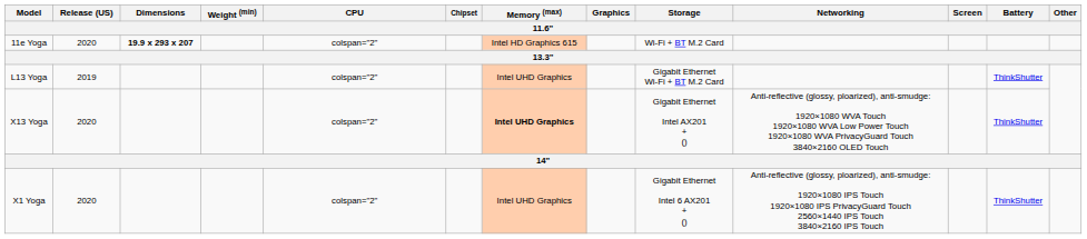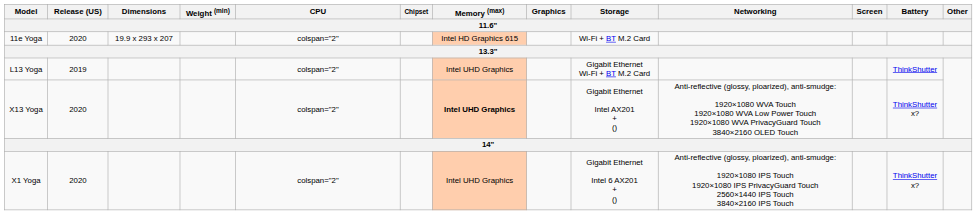 <table class="wikitable" style="font-size: 80%; text-align: center; min-width: 80%;">
 <tr>
 <th>Model</th>
 <th>Release (US)</th>
 <th>Dimensions</th>
 <th>Weight <sup>(min)</sup></th>
 <th style="width:17%">CPU</th>
 <th><small>Chipset</small></th>
 <th>Memory <sup>(max)</sup></th>
 <th>Graphics</th>
 <th>Storage</th>
 <th>Networking</th>
 <th>Screen</th>
 <th>Battery</th>
 <th>Other</th>
 </tr>
 <tr>
 <th colspan=13>11.6"</th>
 </tr>
 <tr>
 <td>11e Yoga </td>
 <td>2020</td>
-<td><strong>19.9 x 293 x 207</strong></td>
+<td>19.9 x 293 x 207</td>
 <td></td>
 <td>colspan="2" </td>
 <td></td>
 <td style="background:#ffcead;">Intel HD Graphics 615</td>
 <td></td>
 <td>Wi-Fi + <a href='#'>BT</a> M.2 Card</td>
 <td></td>
 <td></td>
 <td><br></td>
 </tr>
 <tr>
 <th colspan=13>13.3"</th>
 </tr>
 <tr>
 <td>L13 Yoga</td>
 <td>2019</td>
 <td></td>
 <td></td>
 <td>colspan="2" </td>
 <td></td>
 <td style="background:#ffcead;">Intel UHD Graphics</td>
 <td></td>
 <td> Gigabit Ethernet<br>Wi-Fi + <a href='#'>BT</a> M.2 Card</td>
 <td></td>
 <td></td>
 <td><a href='#'>ThinkShutter</a><br></td>
 </tr>
 <tr>
 <td>X13 Yoga</td>
 <td>2020</td>
 <td></td>
 <td></td>
 <td>colspan="2" </td>
 <td></td>
 <td style="background:#ffcead;"><strong>Intel UHD Graphics</strong></td>
 <td></td>
 <td> Gigabit Ethernet<br><br>Intel  AX201 <br>+  <br>()<br><small></small></td>
 <td style="background:">Anti-reflective (glossy, ploarized), anti-smudge: <br><br>1920×1080 WVA Touch<br> 1920×1080 WVA Low Power Touch<br> 1920×1080 WVA PrivacyGuard Touch<br> 3840×2160 OLED Touch</td>
 <td></td>
-<td><a href='#'>ThinkShutter</a><br></td>
+<td><a href='#'>ThinkShutter</a><br> x?</td>
 </tr>
 <tr>
 <th colspan=13>14"</th>
 </tr>
 <tr>
 <td>X1 Yoga </td>
 <td>2020</td>
 <td></td>
 <td></td>
 <td>colspan="2" </td>
 <td></td>
 <td style="background:#ffcead;">Intel UHD Graphics</td>
 <td></td>
 <td> Gigabit Ethernet<br><br>Intel  6 AX201 <br>+  <br>()<br><small></small></td>
 <td style="background:">Anti-reflective (glossy, ploarized), anti-smudge: <br><br>1920×1080 IPS Touch<br> 1920×1080 IPS PrivacyGuard Touch<br> 2560×1440 IPS Touch<br> 3840×2160 IPS Touch</td>
 <td></td>
-<td><a href='#'>ThinkShutter</a><br></td>
+<td><a href='#'>ThinkShutter</a><br> x?</td>
 </tr>
 </table>
